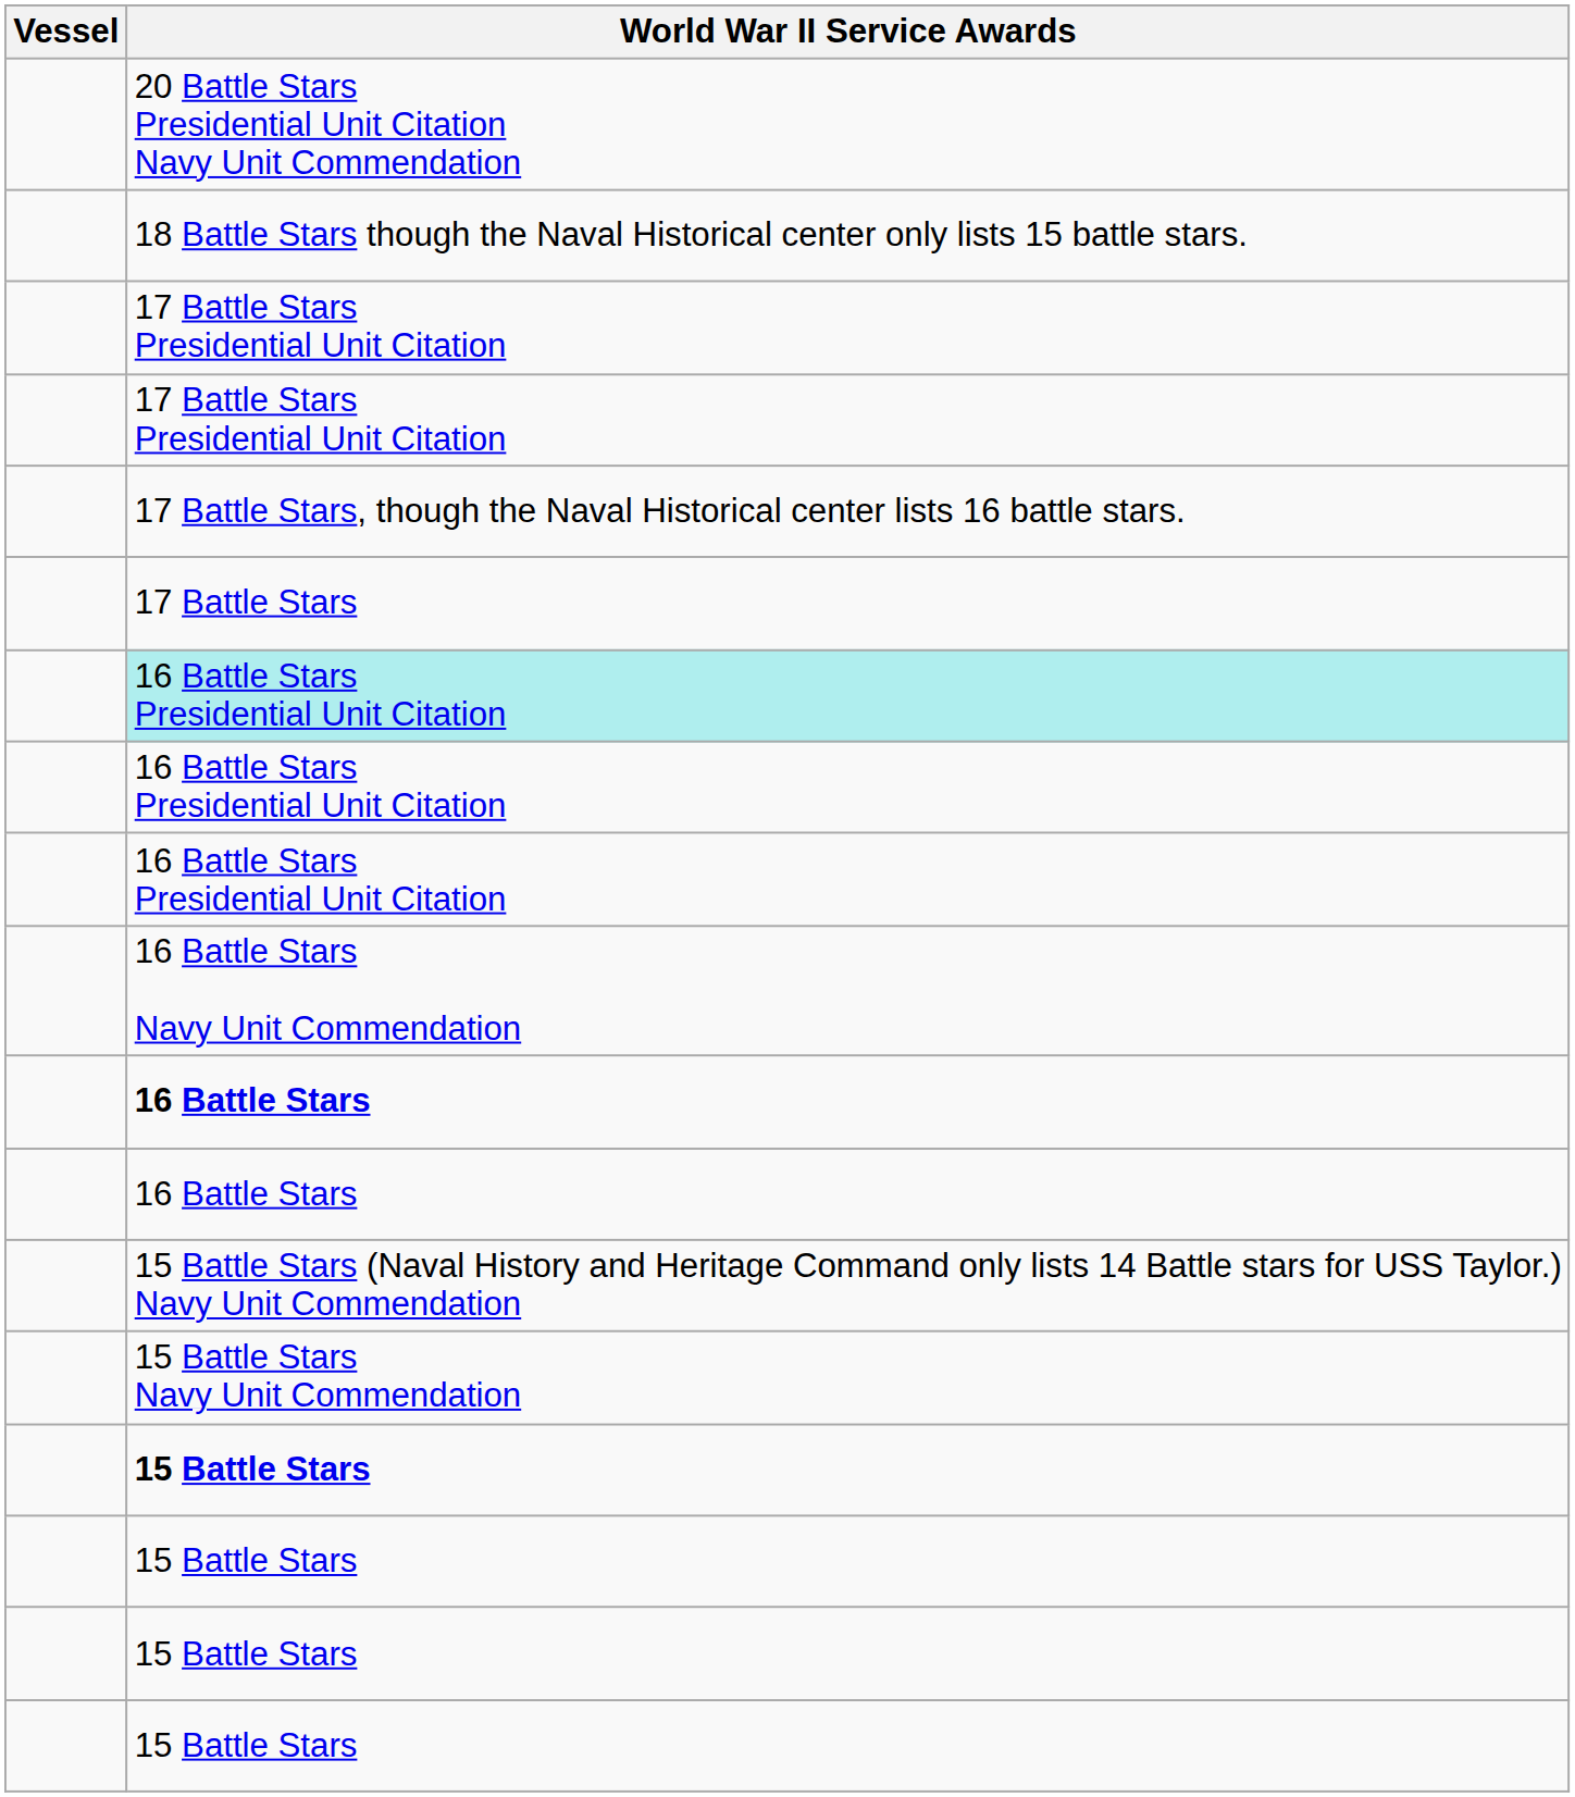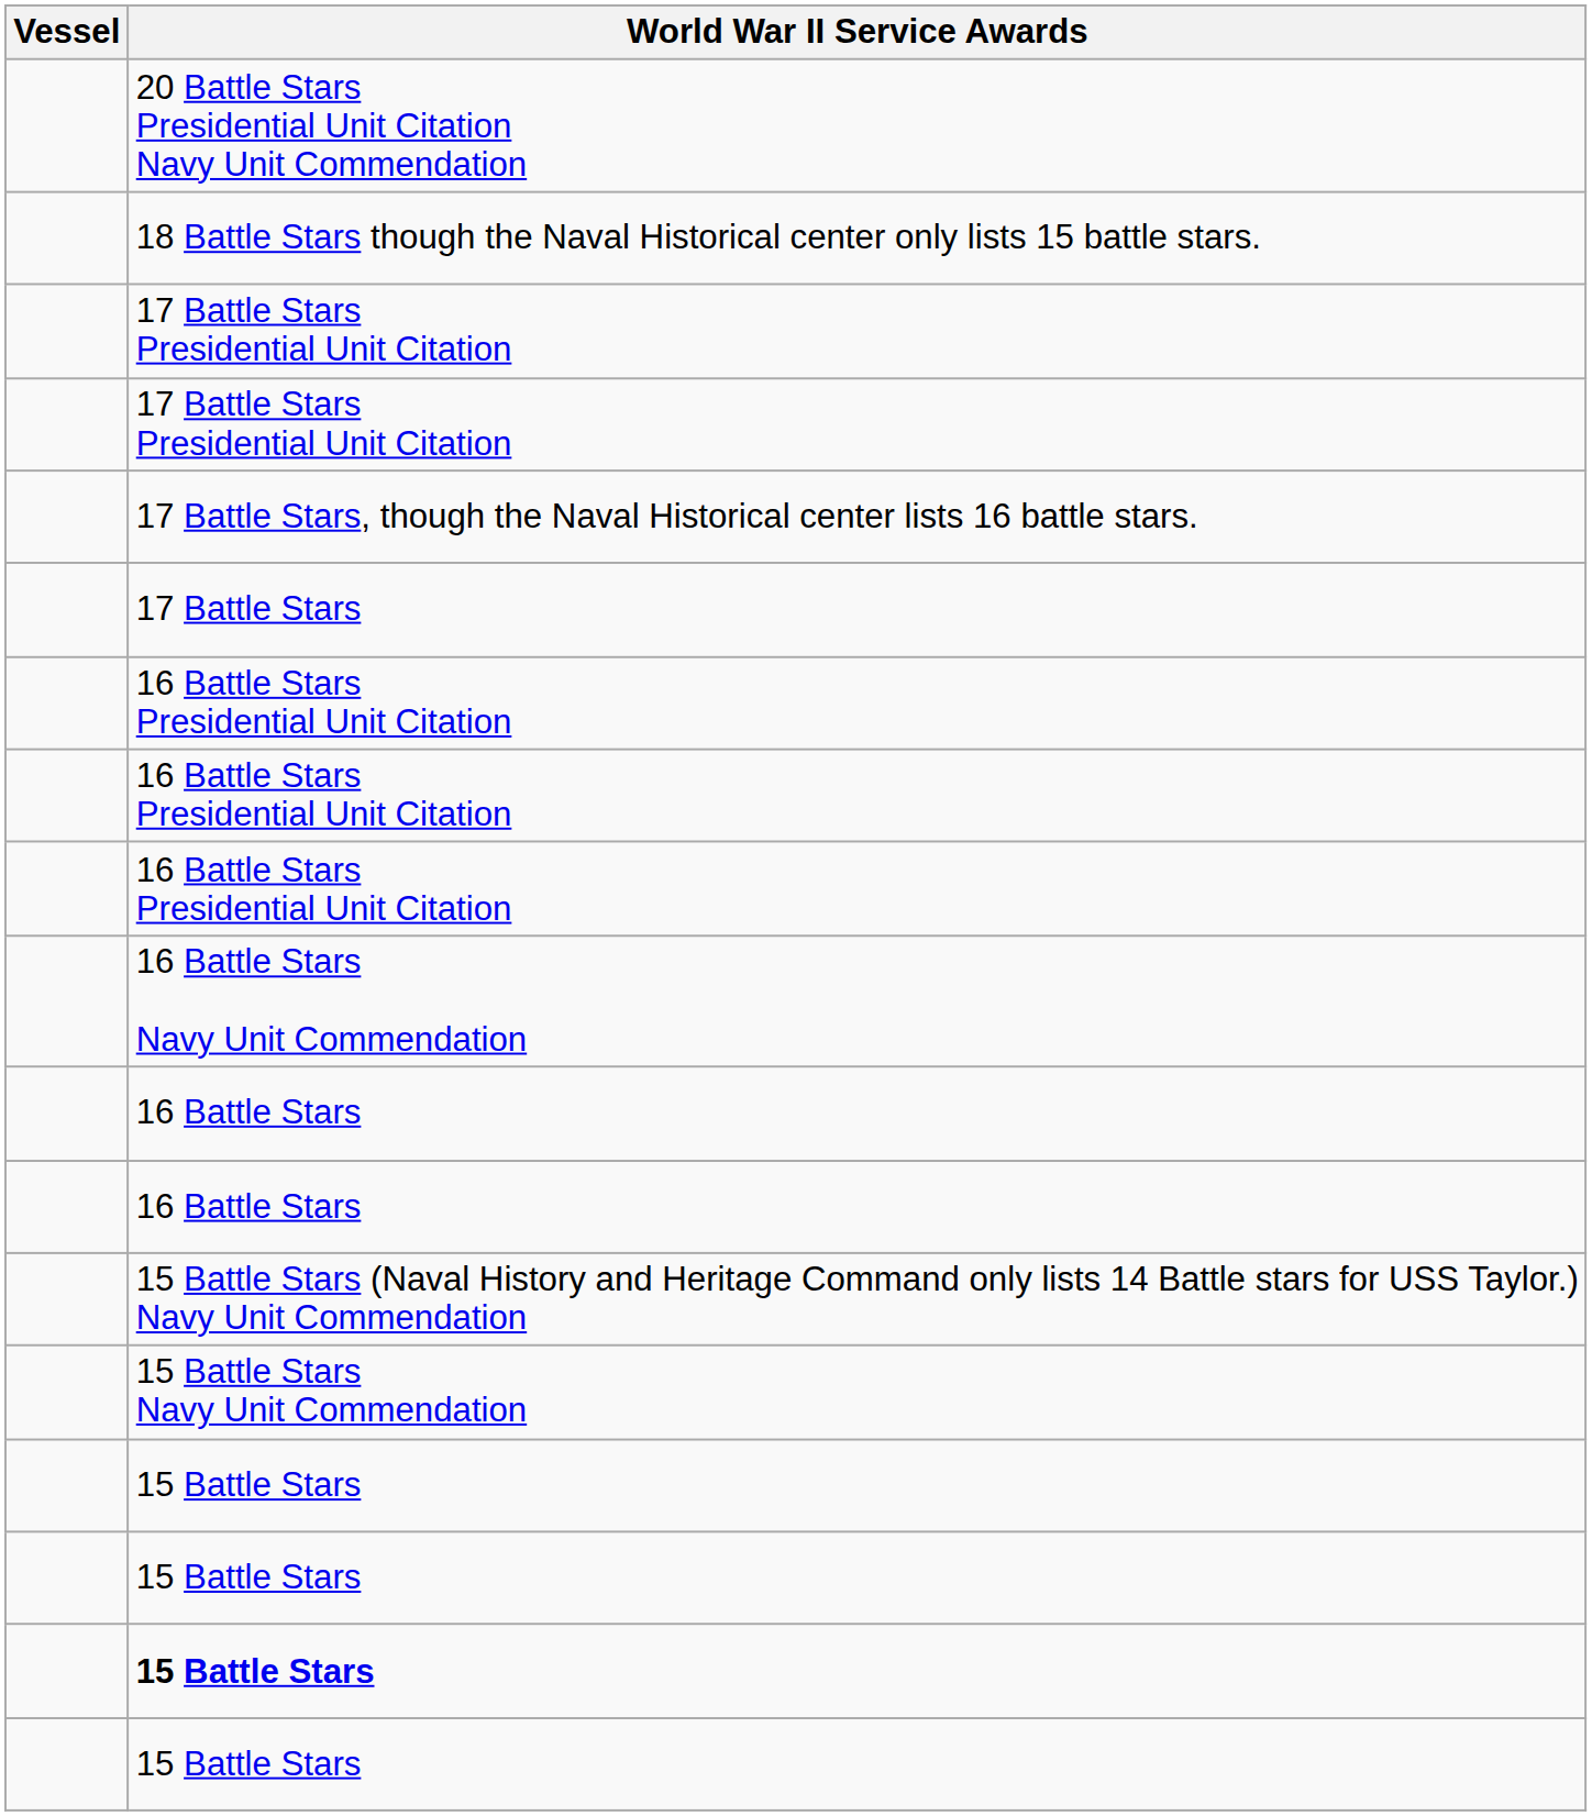 <table class="wikitable">
 <tr>
 <th>Vessel</th>
 <th>World War II Service Awards</th>
 </tr>
 <tr>
 <td><br><br></td>
 <td> 20 <a href='#'>Battle Stars</a><br> <a href='#'>Presidential Unit Citation</a><br>  <a href='#'>Navy Unit Commendation</a></td>
 </tr>
 <tr>
 <td><br><br></td>
 <td> 18 <a href='#'>Battle Stars</a> though the Naval Historical center only lists 15 battle stars.</td>
 </tr>
 <tr>
 <td><br><br></td>
 <td> 17 <a href='#'>Battle Stars</a><br> <a href='#'>Presidential Unit Citation</a></td>
 </tr>
 <tr>
 <td><br><br></td>
 <td> 17 <a href='#'>Battle Stars</a><br> <a href='#'>Presidential Unit Citation</a></td>
 </tr>
 <tr>
 <td><br><br></td>
 <td> 17 <a href='#'>Battle Stars</a>, though the Naval Historical center lists 16 battle stars.</td>
 </tr>
 <tr>
 <td><br><br></td>
 <td> 17 <a href='#'>Battle Stars</a></td>
 </tr>
 <tr>
 <td><br><br></td>
-<td style="background: paleturquoise;"> 16 <a href='#'>Battle Stars</a><br> <a href='#'>Presidential Unit Citation</a></td>
+<td> 16 <a href='#'>Battle Stars</a><br> <a href='#'>Presidential Unit Citation</a></td>
 </tr>
 <tr>
 <td><br><br></td>
 <td> 16 <a href='#'>Battle Stars</a><br> <a href='#'>Presidential Unit Citation</a></td>
 </tr>
 <tr>
 <td><br><br></td>
 <td> 16 <a href='#'>Battle Stars</a><br> <a href='#'>Presidential Unit Citation</a></td>
 </tr>
 <tr>
 <td><br><br></td>
 <td> 16 <a href='#'>Battle Stars</a><br><br> <a href='#'>Navy Unit Commendation</a></td>
 </tr>
 <tr>
 <td><br><br></td>
-<td><strong> 16 <a href='#'>Battle Stars</a></strong></td>
+<td> 16 <a href='#'>Battle Stars</a></td>
 </tr>
 <tr>
 <td><br><br></td>
 <td> 16 <a href='#'>Battle Stars</a></td>
 </tr>
 <tr>
 <td><br><br></td>
 <td> 15 <a href='#'>Battle Stars</a> (Naval History and Heritage Command only lists 14 Battle stars for USS Taylor.)<br> <a href='#'>Navy Unit Commendation</a></td>
 </tr>
 <tr>
 <td><br><br></td>
 <td> 15 <a href='#'>Battle Stars</a><br> <a href='#'>Navy Unit Commendation</a></td>
 </tr>
 <tr>
 <td><br><br></td>
-<td><strong> 15 <a href='#'>Battle Stars</a></strong></td>
-</tr>
-<tr>
-<td><br><br></td>
 <td> 15 <a href='#'>Battle Stars</a></td>
 </tr>
 <tr>
 <td><br><br></td>
 <td> 15 <a href='#'>Battle Stars</a></td>
 </tr>
 <tr>
 <td><br><br></td>
+<td><strong> 15 <a href='#'>Battle Stars</a></strong></td>
+</tr>
+<tr>
+<td><br><br></td>
 <td> 15 <a href='#'>Battle Stars</a></td>
 </tr>
 </table>
